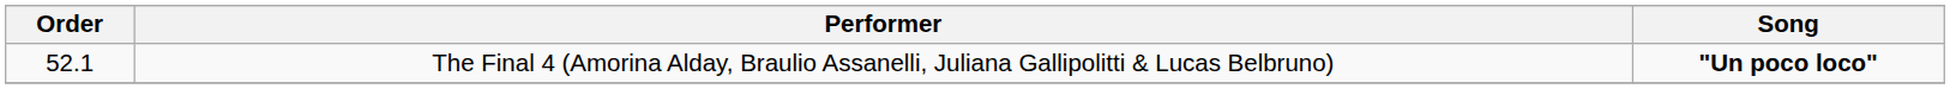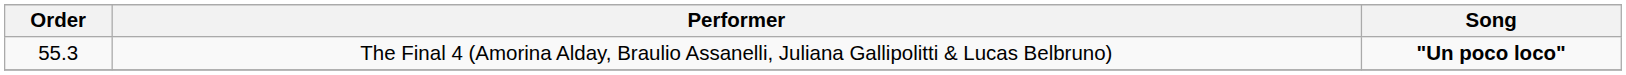 <table class="wikitable" style="text-align:center; width:100%;">
 <tr>
 </tr>
 <tr>
 <th>Order</th>
 <th>Performer</th>
 <th>Song</th>
 </tr>
 <tr>
-<td>52.1</td>
+<td>55.3</td>
 <td>The Final 4 (Amorina Alday, Braulio Assanelli, Juliana Gallipolitti & Lucas Belbruno)</td>
 <td><strong>"Un poco loco"</strong></td>
 </tr>
 <tr>
 </tr>
 </table>
